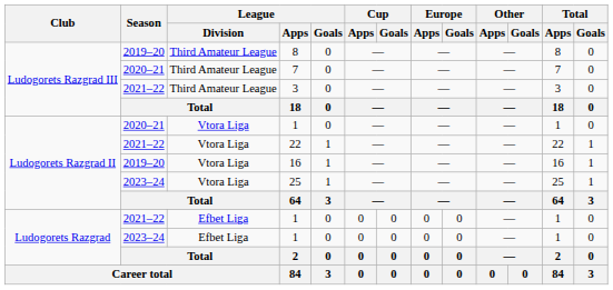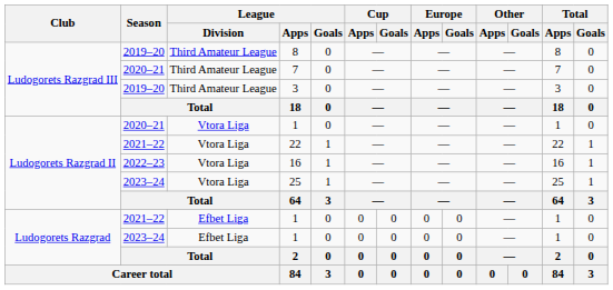 <table class="wikitable" style="text-align: center">
 <tr>
 <th rowspan="2">Club</th>
 <th rowspan="2">Season</th>
 <th colspan="3">League</th>
 <th colspan="2">Cup</th>
 <th colspan="2">Europe</th>
 <th colspan="2">Other</th>
 <th colspan="2">Total</th>
 </tr>
 <tr>
 <th>Division</th>
 <th>Apps</th>
 <th>Goals</th>
 <th>Apps</th>
 <th>Goals</th>
 <th>Apps</th>
 <th>Goals</th>
 <th>Apps</th>
 <th>Goals</th>
 <th>Apps</th>
 <th>Goals</th>
 </tr>
 <tr>
 <td rowspan="4"><a href='#'>Ludogorets Razgrad III</a></td>
 <td><a href='#'>2019–20</a></td>
 <td><a href='#'>Third Amateur League</a></td>
 <td>8</td>
 <td>0</td>
 <td colspan="2">—</td>
 <td colspan="2">—</td>
 <td colspan="2">—</td>
 <td>8</td>
 <td>0</td>
 </tr>
 <tr>
 <td><a href='#'>2020–21</a></td>
 <td>Third Amateur League</td>
 <td>7</td>
 <td>0</td>
 <td colspan="2">—</td>
 <td colspan="2">—</td>
 <td colspan="2">—</td>
 <td>7</td>
 <td>0</td>
 </tr>
 <tr>
-<td><a href='#'>2021–22</a></td>
+<td><a href='#'>2019–20</a></td>
 <td>Third Amateur League</td>
 <td>3</td>
 <td>0</td>
 <td colspan="2">—</td>
 <td colspan="2">—</td>
 <td colspan="2">—</td>
 <td>3</td>
 <td>0</td>
 </tr>
 <tr>
 <th colspan="2">Total</th>
 <th>18</th>
 <th>0</th>
 <th colspan="2">—</th>
 <th colspan="2">—</th>
 <th colspan="2">—</th>
 <th>18</th>
 <th>0</th>
 </tr>
 <tr>
 <td rowspan="5"><a href='#'>Ludogorets Razgrad II</a></td>
 <td><a href='#'>2020–21</a></td>
 <td><a href='#'>Vtora Liga</a></td>
 <td>1</td>
 <td>0</td>
 <td colspan="2">—</td>
 <td colspan="2">—</td>
 <td colspan="2">—</td>
 <td>1</td>
 <td>0</td>
 </tr>
 <tr>
 <td><a href='#'>2021–22</a></td>
 <td>Vtora Liga</td>
 <td>22</td>
 <td>1</td>
 <td colspan="2">—</td>
 <td colspan="2">—</td>
 <td colspan="2">—</td>
 <td>22</td>
 <td>1</td>
 </tr>
 <tr>
-<td><a href='#'>2019–20</a></td>
+<td><a href='#'>2022–23</a></td>
 <td>Vtora Liga</td>
 <td>16</td>
 <td>1</td>
 <td colspan="2">—</td>
 <td colspan="2">—</td>
 <td colspan="2">—</td>
 <td>16</td>
 <td>1</td>
 </tr>
 <tr>
 <td><a href='#'>2023–24</a></td>
 <td>Vtora Liga</td>
 <td>25</td>
 <td>1</td>
 <td colspan="2">—</td>
 <td colspan="2">—</td>
 <td colspan="2">—</td>
 <td>25</td>
 <td>1</td>
 </tr>
 <tr>
 <th colspan="2">Total</th>
 <th>64</th>
 <th>3</th>
 <th colspan="2">—</th>
 <th colspan="2">—</th>
 <th colspan="2">—</th>
 <th>64</th>
 <th>3</th>
 </tr>
 <tr>
 <td rowspan="3"><a href='#'>Ludogorets Razgrad</a></td>
 <td><a href='#'>2021–22</a></td>
 <td><a href='#'>Efbet Liga</a></td>
 <td>1</td>
 <td>0</td>
 <td>0</td>
 <td>0</td>
 <td>0</td>
 <td>0</td>
 <td colspan="2">—</td>
 <td>1</td>
 <td>0</td>
 </tr>
 <tr>
 <td><a href='#'>2023–24</a></td>
 <td>Efbet Liga</td>
 <td>1</td>
 <td>0</td>
 <td>0</td>
 <td>0</td>
 <td>0</td>
 <td>0</td>
 <td colspan="2">—</td>
 <td>1</td>
 <td>0</td>
 </tr>
 <tr>
 <th colspan="2">Total</th>
 <th>2</th>
 <th>0</th>
 <th>0</th>
 <th>0</th>
 <th>0</th>
 <th>0</th>
 <th colspan="2">—</th>
 <th>2</th>
 <th>0</th>
 </tr>
 <tr>
 <th colspan="3">Career total</th>
 <th>84</th>
 <th>3</th>
 <th>0</th>
 <th>0</th>
 <th>0</th>
 <th>0</th>
 <th>0</th>
 <th>0</th>
 <th>84</th>
 <th>3</th>
 </tr>
 </table>
